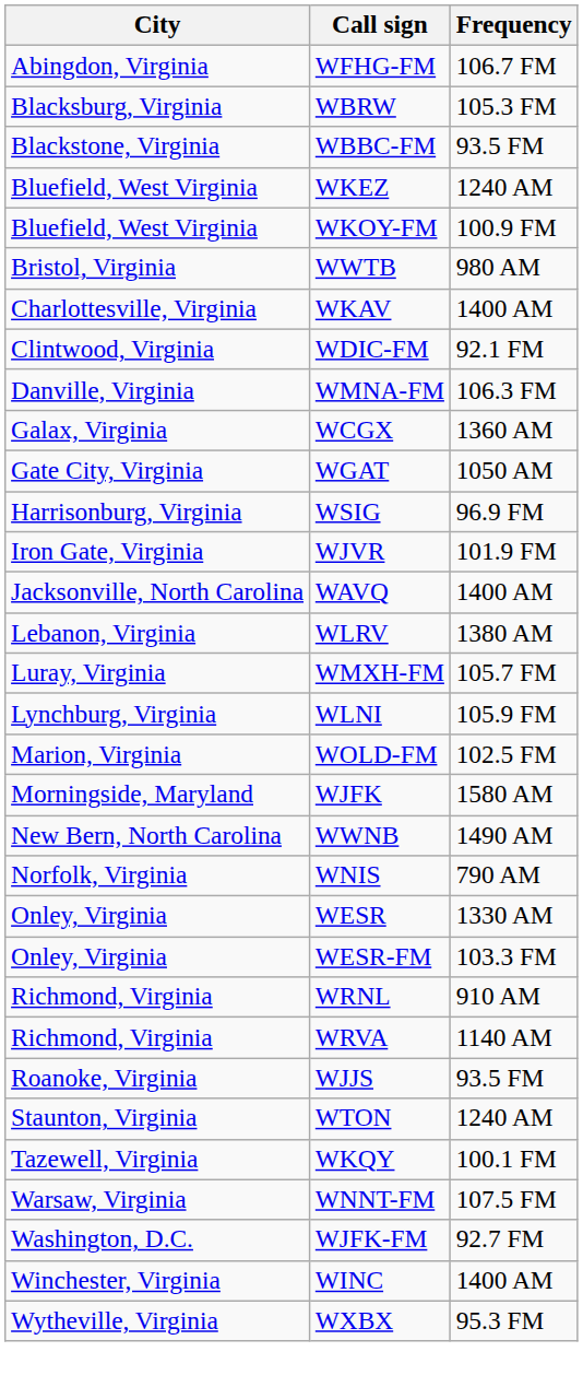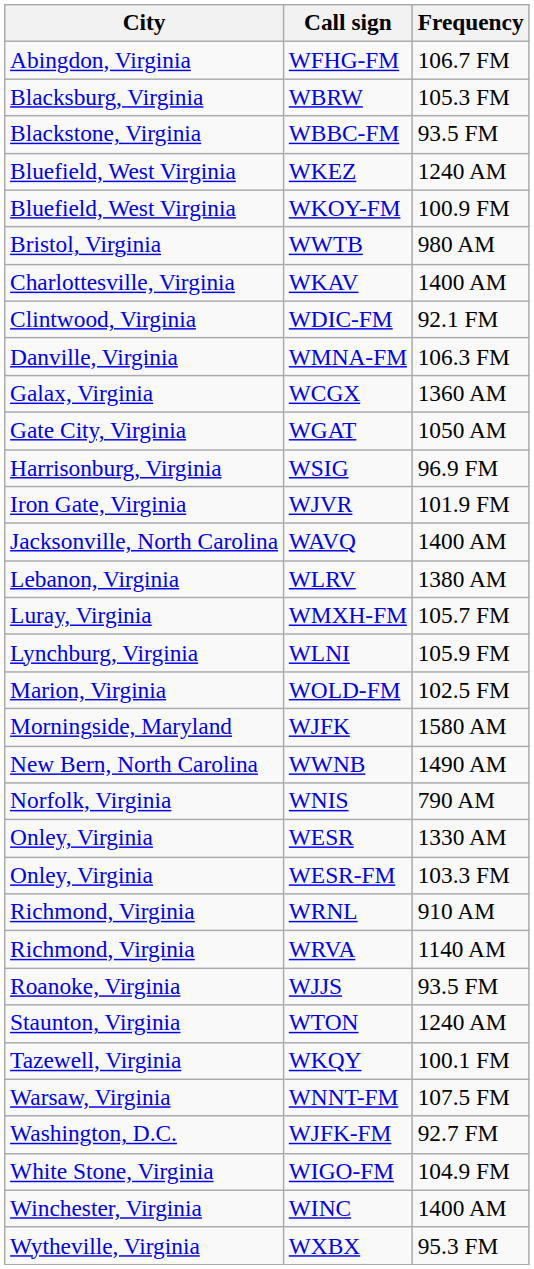 <table class="wikitable">
 <tr>
 <th width=px>City</th>
 <th width=px>Call sign</th>
 <th width=px>Frequency</th>
 </tr>
 <tr>
 <td><a href='#'>Abingdon, Virginia</a></td>
 <td><a href='#'>WFHG-FM</a></td>
 <td>106.7 FM</td>
 </tr>
 <tr>
 <td><a href='#'>Blacksburg, Virginia</a></td>
 <td><a href='#'>WBRW</a></td>
 <td>105.3 FM</td>
 </tr>
 <tr>
 <td><a href='#'>Blackstone, Virginia</a></td>
 <td><a href='#'>WBBC-FM</a></td>
 <td>93.5 FM</td>
 </tr>
 <tr>
 <td><a href='#'>Bluefield, West Virginia</a></td>
 <td><a href='#'>WKEZ</a></td>
 <td>1240 AM</td>
 </tr>
 <tr>
 <td><a href='#'>Bluefield, West Virginia</a></td>
 <td><a href='#'>WKOY-FM</a></td>
 <td>100.9 FM</td>
 </tr>
 <tr>
 <td><a href='#'>Bristol, Virginia</a></td>
 <td><a href='#'>WWTB</a></td>
 <td>980 AM</td>
 </tr>
 <tr>
 <td><a href='#'>Charlottesville, Virginia</a></td>
 <td><a href='#'>WKAV</a></td>
 <td>1400 AM</td>
 </tr>
 <tr>
 <td><a href='#'>Clintwood, Virginia</a></td>
 <td><a href='#'>WDIC-FM</a></td>
 <td>92.1 FM</td>
 </tr>
 <tr>
 <td><a href='#'>Danville, Virginia</a></td>
 <td><a href='#'>WMNA-FM</a></td>
 <td>106.3 FM</td>
 </tr>
 <tr>
 <td><a href='#'>Galax, Virginia</a></td>
 <td><a href='#'>WCGX</a></td>
 <td>1360 AM</td>
 </tr>
 <tr>
 <td><a href='#'>Gate City, Virginia</a></td>
 <td><a href='#'>WGAT</a></td>
 <td>1050 AM</td>
 </tr>
 <tr>
 <td><a href='#'>Harrisonburg, Virginia</a></td>
 <td><a href='#'>WSIG</a></td>
 <td>96.9 FM</td>
 </tr>
 <tr>
 <td><a href='#'>Iron Gate, Virginia</a></td>
 <td><a href='#'>WJVR</a></td>
 <td>101.9 FM</td>
 </tr>
 <tr>
 <td><a href='#'>Jacksonville, North Carolina</a></td>
 <td><a href='#'>WAVQ</a></td>
 <td>1400 AM</td>
 </tr>
 <tr>
 <td><a href='#'>Lebanon, Virginia</a></td>
 <td><a href='#'>WLRV</a></td>
 <td>1380 AM</td>
 </tr>
 <tr>
 <td><a href='#'>Luray, Virginia</a></td>
 <td><a href='#'>WMXH-FM</a></td>
 <td>105.7 FM</td>
 </tr>
 <tr>
 <td><a href='#'>Lynchburg, Virginia</a></td>
 <td><a href='#'>WLNI</a></td>
 <td>105.9 FM</td>
 </tr>
 <tr>
 <td><a href='#'>Marion, Virginia</a></td>
 <td><a href='#'>WOLD-FM</a></td>
 <td>102.5 FM</td>
 </tr>
 <tr>
 <td><a href='#'>Morningside, Maryland</a></td>
 <td><a href='#'>WJFK</a></td>
 <td>1580 AM</td>
 </tr>
 <tr>
 <td><a href='#'>New Bern, North Carolina</a></td>
 <td><a href='#'>WWNB</a></td>
 <td>1490 AM</td>
 </tr>
 <tr>
 <td><a href='#'>Norfolk, Virginia</a></td>
 <td><a href='#'>WNIS</a></td>
 <td>790 AM</td>
 </tr>
 <tr>
 <td><a href='#'>Onley, Virginia</a></td>
 <td><a href='#'>WESR</a></td>
 <td>1330 AM</td>
 </tr>
 <tr>
 <td><a href='#'>Onley, Virginia</a></td>
 <td><a href='#'>WESR-FM</a></td>
 <td>103.3 FM</td>
 </tr>
 <tr>
 <td><a href='#'>Richmond, Virginia</a></td>
 <td><a href='#'>WRNL</a></td>
 <td>910 AM</td>
 </tr>
 <tr>
 <td><a href='#'>Richmond, Virginia</a></td>
 <td><a href='#'>WRVA</a></td>
 <td>1140 AM</td>
 </tr>
 <tr>
 <td><a href='#'>Roanoke, Virginia</a></td>
 <td><a href='#'>WJJS</a></td>
 <td>93.5 FM</td>
 </tr>
 <tr>
 <td><a href='#'>Staunton, Virginia</a></td>
 <td><a href='#'>WTON</a></td>
 <td>1240 AM</td>
 </tr>
 <tr>
 <td><a href='#'>Tazewell, Virginia</a></td>
 <td><a href='#'>WKQY</a></td>
 <td>100.1 FM</td>
 </tr>
 <tr>
 <td><a href='#'>Warsaw, Virginia</a></td>
 <td><a href='#'>WNNT-FM</a></td>
 <td>107.5 FM</td>
 </tr>
 <tr>
 <td><a href='#'>Washington, D.C.</a></td>
 <td><a href='#'>WJFK-FM</a></td>
 <td>92.7 FM</td>
 </tr>
 <tr>
+<td><a href='#'>White Stone, Virginia</a></td>
+<td><a href='#'>WIGO-FM</a></td>
+<td>104.9 FM</td>
+</tr>
+<tr>
 <td><a href='#'>Winchester, Virginia</a></td>
 <td><a href='#'>WINC</a></td>
 <td>1400 AM</td>
 </tr>
 <tr>
 <td><a href='#'>Wytheville, Virginia</a></td>
 <td><a href='#'>WXBX</a></td>
 <td>95.3 FM</td>
 </tr>
 </table>
